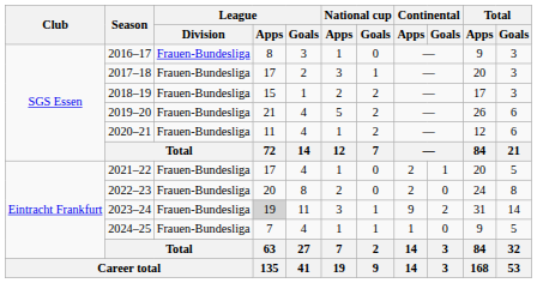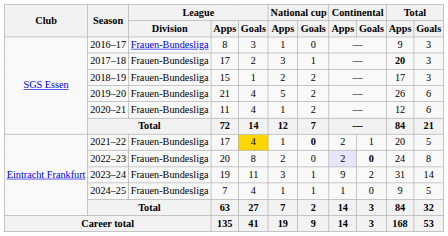 <table class="wikitable" style="text-align:center">
 <tr>
 <th rowspan="2">Club</th>
 <th rowspan="2">Season</th>
 <th colspan="3">League</th>
 <th colspan="2">National cup</th>
 <th colspan="2">Continental</th>
 <th colspan="2">Total</th>
 </tr>
 <tr>
 <th>Division</th>
 <th>Apps</th>
 <th>Goals</th>
 <th>Apps</th>
 <th>Goals</th>
 <th>Apps</th>
 <th>Goals</th>
 <th>Apps</th>
 <th>Goals</th>
 </tr>
 <tr>
 <td rowspan="6"><a href='#'>SGS Essen</a></td>
 <td>2016–17</td>
 <td><a href='#'>Frauen-Bundesliga</a></td>
 <td>8</td>
 <td>3</td>
 <td>1</td>
 <td>0</td>
 <td colspan="2">—</td>
 <td>9</td>
 <td>3</td>
 </tr>
 <tr>
 <td>2017–18</td>
 <td>Frauen-Bundesliga</td>
 <td>17</td>
 <td>2</td>
 <td>3</td>
 <td>1</td>
 <td colspan="2">—</td>
-<td>20</td>
+<td><strong>20</strong></td>
 <td>3</td>
 </tr>
 <tr>
 <td>2018–19</td>
 <td>Frauen-Bundesliga</td>
 <td>15</td>
 <td>1</td>
 <td>2</td>
 <td>2</td>
 <td colspan="2">—</td>
 <td>17</td>
 <td>3</td>
 </tr>
 <tr>
 <td>2019–20</td>
 <td>Frauen-Bundesliga</td>
 <td>21</td>
 <td>4</td>
 <td>5</td>
 <td>2</td>
 <td colspan="2">—</td>
 <td>26</td>
 <td>6</td>
 </tr>
 <tr>
 <td>2020–21</td>
 <td>Frauen-Bundesliga</td>
 <td>11</td>
 <td>4</td>
 <td>1</td>
 <td>2</td>
 <td colspan="2">—</td>
 <td>12</td>
 <td>6</td>
 </tr>
 <tr>
 <th colspan="2">Total</th>
 <th>72</th>
 <th>14</th>
 <th>12</th>
 <th>7</th>
 <th colspan="2">—</th>
 <th>84</th>
 <th>21</th>
 </tr>
 <tr>
 <td rowspan="5"><a href='#'>Eintracht Frankfurt</a></td>
 <td>2021–22</td>
 <td>Frauen-Bundesliga</td>
 <td>17</td>
-<td>4</td>
+<td style="background: gold;">4</td>
 <td>1</td>
-<td>0</td>
+<td><strong>0</strong></td>
 <td>2</td>
 <td>1</td>
 <td>20</td>
 <td>5</td>
 </tr>
 <tr>
 <td>2022–23</td>
 <td>Frauen-Bundesliga</td>
 <td>20</td>
 <td>8</td>
 <td>2</td>
 <td>0</td>
-<td>2</td>
-<td>0</td>
+<td style="background: lavender;">2</td>
+<td><strong>0</strong></td>
 <td>24</td>
 <td>8</td>
 </tr>
 <tr>
 <td>2023–24</td>
 <td>Frauen-Bundesliga</td>
-<td style="background: lightgrey;">19</td>
+<td>19</td>
 <td>11</td>
 <td>3</td>
 <td>1</td>
 <td>9</td>
 <td>2</td>
 <td>31</td>
 <td>14</td>
 </tr>
 <tr>
 <td>2024–25</td>
 <td>Frauen-Bundesliga</td>
 <td>7</td>
 <td>4</td>
 <td>1</td>
 <td>1</td>
 <td>1</td>
 <td>0</td>
 <td>9</td>
 <td>5</td>
 </tr>
 <tr>
 <th colspan="2">Total</th>
 <th>63</th>
 <th>27</th>
 <th>7</th>
 <th>2</th>
 <th>14</th>
 <th>3</th>
 <th>84</th>
 <th>32</th>
 </tr>
 <tr>
 <th colspan="3">Career total</th>
 <th>135</th>
 <th>41</th>
 <th>19</th>
 <th>9</th>
 <th>14</th>
 <th>3</th>
 <th>168</th>
 <th>53</th>
 </tr>
 </table>
